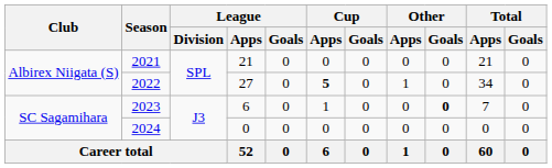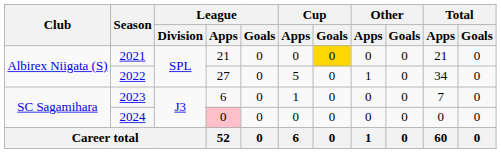 <table class="wikitable" style="text-align: center">
 <tr>
 <th rowspan="2">Club</th>
 <th rowspan="2">Season</th>
 <th colspan="3">League</th>
 <th colspan="2">Cup</th>
 <th colspan="2">Other</th>
 <th colspan="2">Total</th>
 </tr>
 <tr>
 <th>Division</th>
 <th>Apps</th>
 <th>Goals</th>
 <th>Apps</th>
 <th>Goals</th>
 <th>Apps</th>
 <th>Goals</th>
 <th>Apps</th>
 <th>Goals</th>
 </tr>
 <tr>
 <td rowspan="2"><a href='#'>Albirex Niigata (S)</a></td>
 <td><a href='#'>2021</a></td>
 <td rowspan="2"><a href='#'>SPL</a></td>
 <td>21</td>
 <td>0</td>
 <td>0</td>
-<td>0</td>
+<td style="background: gold;">0</td>
 <td>0</td>
 <td>0</td>
 <td>21</td>
 <td>0</td>
 </tr>
 <tr>
 <td><a href='#'>2022</a></td>
 <td>27</td>
 <td>0</td>
-<td><strong>5</strong></td>
+<td>5</td>
 <td>0</td>
 <td>1</td>
 <td>0</td>
 <td>34</td>
 <td>0</td>
 </tr>
 <tr>
 <td rowspan="2"><a href='#'>SC Sagamihara</a></td>
 <td><a href='#'>2023</a></td>
 <td rowspan="2"><a href='#'>J3</a></td>
 <td>6</td>
 <td>0</td>
 <td>1</td>
 <td>0</td>
 <td>0</td>
-<td><strong>0</strong></td>
+<td>0</td>
 <td>7</td>
 <td>0</td>
 </tr>
 <tr>
 <td><a href='#'>2024</a></td>
-<td>0</td>
+<td style="background: pink;">0</td>
 <td>0</td>
 <td>0</td>
 <td>0</td>
 <td>0</td>
 <td>0</td>
 <td>0</td>
 <td>0</td>
 </tr>
 <tr>
 <th colspan=3>Career total</th>
 <th>52</th>
 <th>0</th>
 <th>6</th>
 <th>0</th>
 <th>1</th>
 <th>0</th>
 <th>60</th>
 <th>0</th>
 </tr>
 </table>
